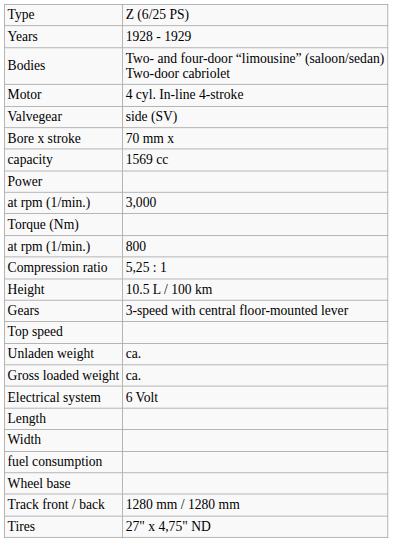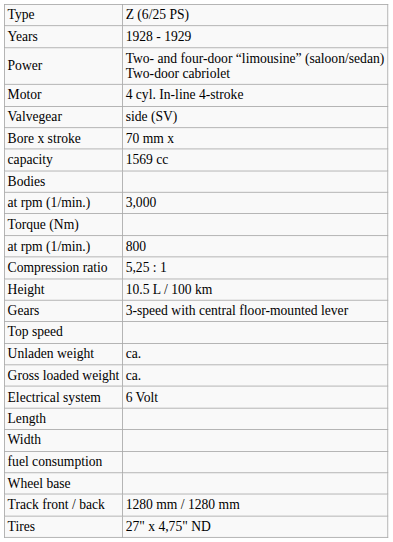 <table class="wikitable">
 <tr>
 <td>Type</td>
 <td>Z (6/25 PS)</td>
 </tr>
 <tr>
 <td>Years</td>
 <td>1928 - 1929</td>
 </tr>
 <tr>
-<td>Bodies</td>
+<td>Power</td>
 <td>Two- and four-door “limousine” (saloon/sedan)<br> Two-door cabriolet</td>
 </tr>
 <tr>
 <td>Motor</td>
 <td>4 cyl. In-line 4-stroke</td>
 </tr>
 <tr>
 <td>Valvegear</td>
 <td>side (SV)</td>
 </tr>
 <tr>
 <td>Bore x stroke</td>
 <td>70 mm x </td>
 </tr>
 <tr>
 <td>capacity</td>
 <td>1569 cc</td>
 </tr>
 <tr>
-<td>Power</td>
+<td>Bodies</td>
 <td></td>
 </tr>
 <tr>
 <td>at rpm (1/min.)</td>
 <td>3,000</td>
 </tr>
 <tr>
 <td>Torque (Nm)</td>
 <td></td>
 </tr>
 <tr>
 <td>at rpm (1/min.)</td>
 <td>800</td>
 </tr>
 <tr>
 <td>Compression ratio</td>
 <td>5,25 : 1</td>
 </tr>
 <tr>
 <td>Height</td>
 <td>10.5 L / 100 km</td>
 </tr>
 <tr>
 <td>Gears</td>
 <td>3-speed with central floor-mounted lever</td>
 </tr>
 <tr>
 <td>Top speed</td>
 <td></td>
 </tr>
 <tr>
 <td>Unladen weight</td>
 <td>ca. </td>
 </tr>
 <tr>
 <td>Gross loaded weight</td>
 <td>ca. </td>
 </tr>
 <tr>
 <td>Electrical system</td>
 <td>6 Volt</td>
 </tr>
 <tr>
 <td>Length</td>
 <td></td>
 </tr>
 <tr>
 <td>Width</td>
 <td></td>
 </tr>
 <tr>
 <td>fuel consumption</td>
 <td></td>
 </tr>
 <tr>
 <td>Wheel base</td>
 <td></td>
 </tr>
 <tr>
 <td>Track front / back</td>
 <td>1280 mm / 1280 mm</td>
 </tr>
 <tr>
 <td>Tires</td>
 <td>27" x 4,75" ND</td>
 </tr>
 </table>
